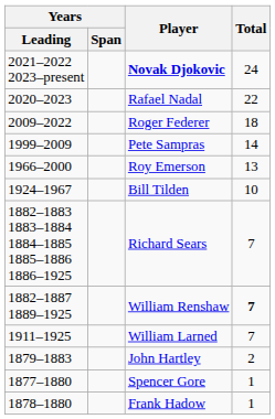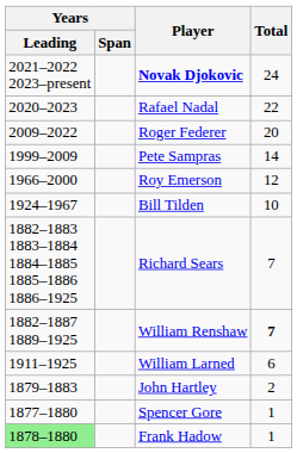 <table class="wikitable sortable" style="display:inline-table;">
 <tr>
 <th colspan="2" scope="col">Years</th>
 <th rowspan="2" scope="col">Player</th>
 <th rowspan="2" scope="col">Total</th>
 </tr>
 <tr>
 <th scope="col">Leading</th>
 <th scope="col">Span</th>
 </tr>
 <tr>
 <td>2021–2022<br>2023–present</td>
 <td style="text-align:center"></td>
 <td> <strong><a href='#'>Novak Djokovic</a></strong></td>
 <td style="text-align:center">24</td>
 </tr>
 <tr>
 <td>2020–2023</td>
 <td style="text-align:center"></td>
 <td> <a href='#'>Rafael Nadal</a></td>
 <td style="text-align:center">22</td>
 </tr>
 <tr>
 <td>2009–2022</td>
 <td style="text-align:center"></td>
 <td> <a href='#'>Roger Federer</a></td>
-<td style="text-align:center">18</td>
+<td style="text-align:center">20</td>
 </tr>
 <tr>
 <td>1999–2009</td>
 <td style="text-align:center"></td>
 <td> <a href='#'>Pete Sampras</a></td>
 <td style="text-align:center">14</td>
 </tr>
 <tr>
 <td>1966–2000</td>
 <td style="text-align:center"></td>
 <td> <a href='#'>Roy Emerson</a></td>
-<td style="text-align:center">13</td>
+<td style="text-align:center">12</td>
 </tr>
 <tr>
 <td>1924–1967</td>
 <td style="text-align:center"></td>
 <td> <a href='#'>Bill Tilden</a></td>
 <td style="text-align:center">10</td>
 </tr>
 <tr>
 <td>1882–1883<br>1883–1884<br>1884–1885<br>1885–1886<br>1886–1925</td>
 <td style="text-align:center"></td>
 <td> <a href='#'>Richard Sears</a></td>
 <td style="text-align:center">7</td>
 </tr>
 <tr>
 <td>1882–1887<br>1889–1925</td>
 <td style="text-align:center"></td>
 <td> <a href='#'>William Renshaw</a></td>
 <td style="text-align:center"><strong>7</strong></td>
 </tr>
 <tr>
 <td>1911–1925</td>
 <td style="text-align:center"></td>
 <td> <a href='#'>William Larned</a></td>
-<td style="text-align:center">7</td>
+<td style="text-align:center">6</td>
 </tr>
 <tr>
 <td>1879–1883</td>
 <td style="text-align:center"></td>
 <td> <a href='#'>John Hartley</a></td>
 <td style="text-align:center">2</td>
 </tr>
 <tr>
 <td>1877–1880</td>
 <td style="text-align:center"></td>
 <td> <a href='#'>Spencer Gore</a></td>
 <td style="text-align:center">1</td>
 </tr>
 <tr>
-<td>1878–1880</td>
+<td style="background: lightgreen;">1878–1880</td>
 <td style="text-align:center"></td>
 <td> <a href='#'>Frank Hadow</a></td>
 <td style="text-align:center">1</td>
 </tr>
 </table>
